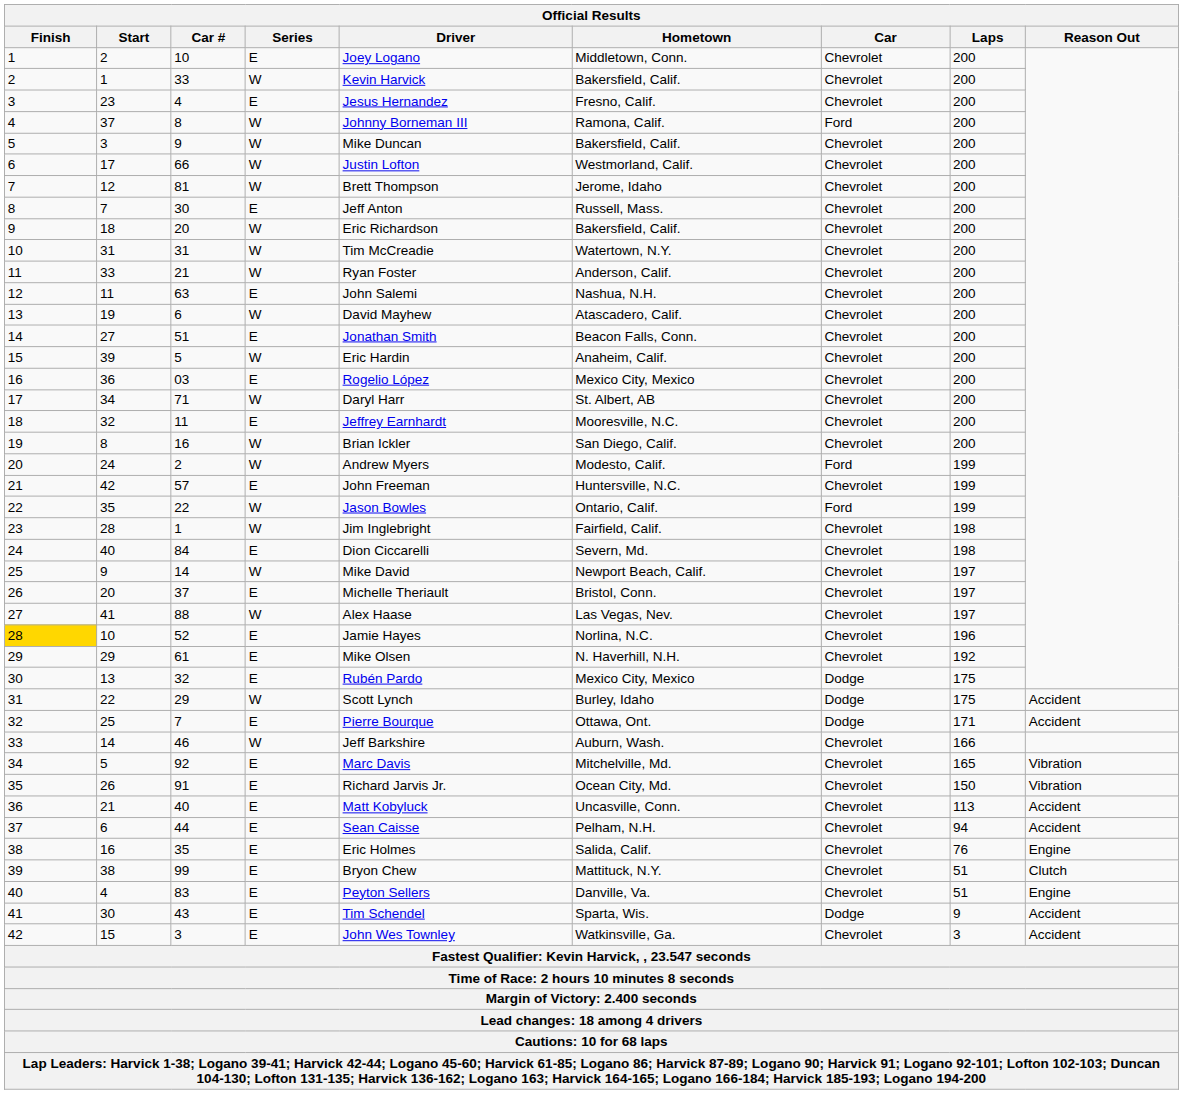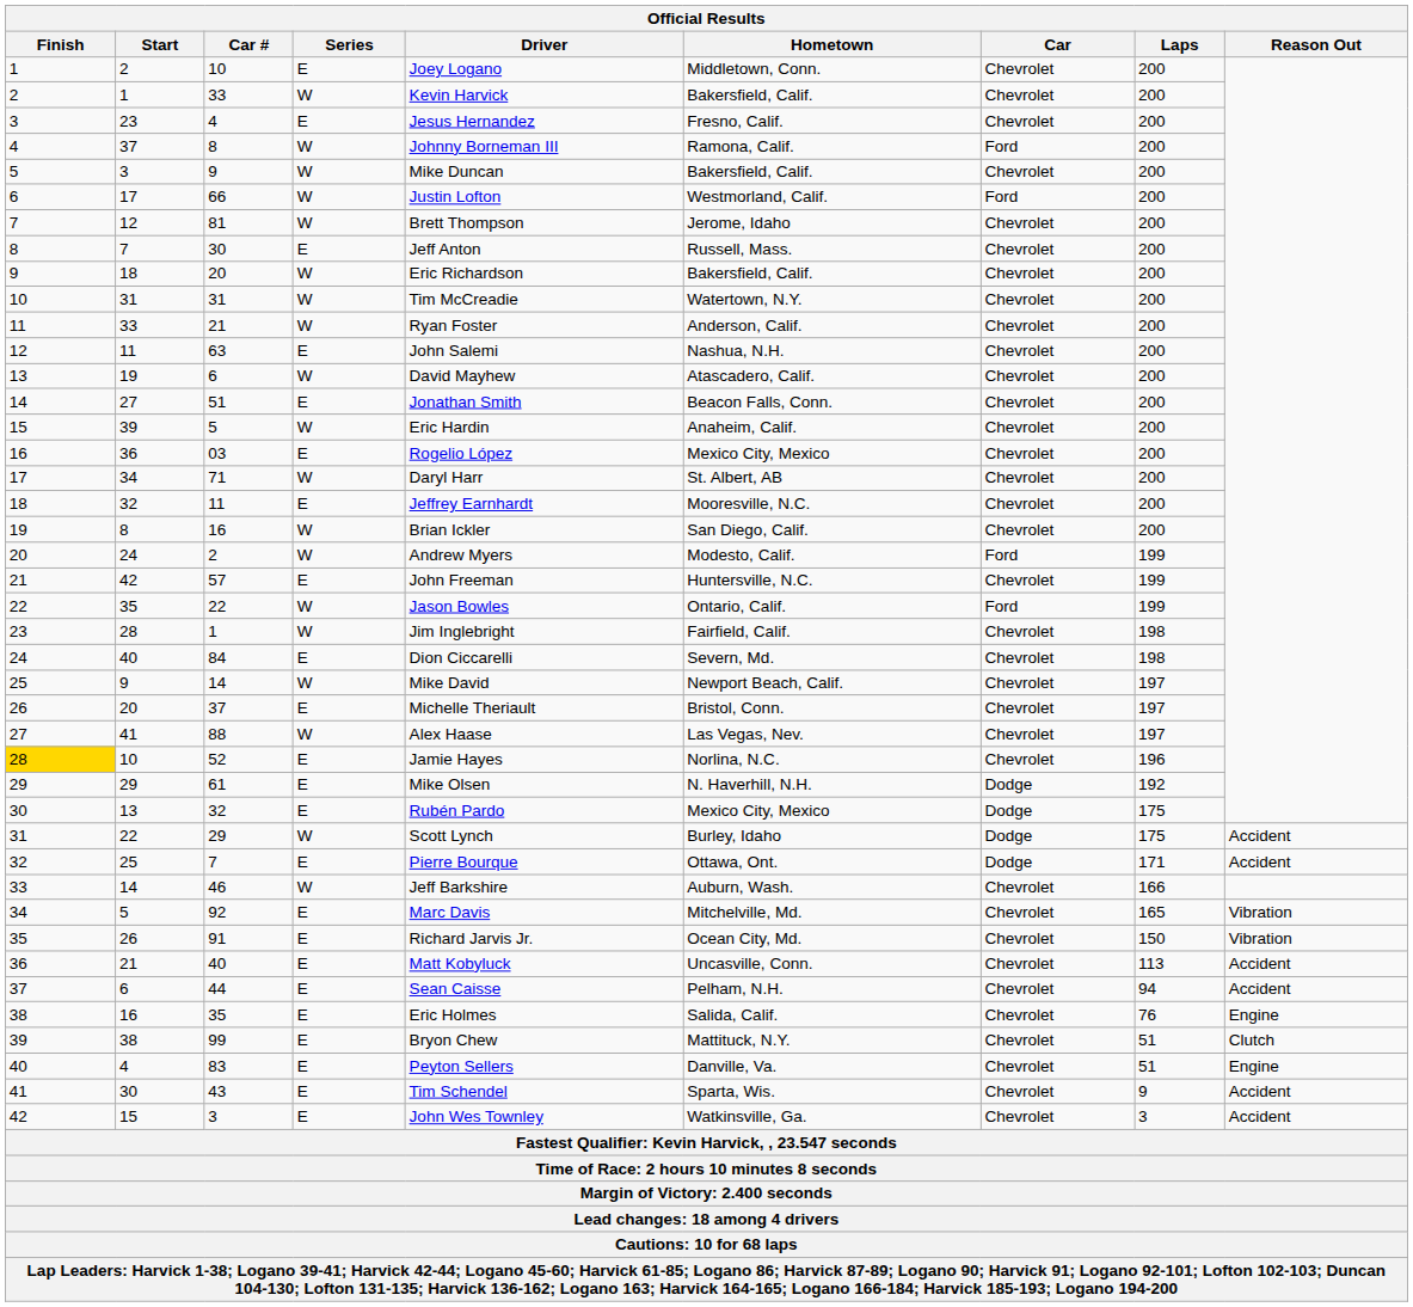 <table class="wikitable" style="font-size: 90%;">
 <tr>
 <th colspan=9>Official Results</th>
 </tr>
 <tr>
 <th>Finish</th>
 <th>Start</th>
 <th>Car #</th>
 <th>Series</th>
 <th>Driver</th>
 <th>Hometown</th>
 <th>Car</th>
 <th>Laps</th>
 <th>Reason Out</th>
 </tr>
 <tr>
 <td>1</td>
 <td>2</td>
 <td>10</td>
 <td>E</td>
 <td><a href='#'>Joey Logano</a></td>
 <td>Middletown, Conn.</td>
 <td>Chevrolet</td>
 <td>200</td>
 </tr>
 <tr>
 <td>2</td>
 <td>1</td>
 <td>33</td>
 <td>W</td>
 <td><a href='#'>Kevin Harvick</a></td>
 <td>Bakersfield, Calif.</td>
 <td>Chevrolet</td>
 <td>200</td>
 </tr>
 <tr>
 <td>3</td>
 <td>23</td>
 <td>4</td>
 <td>E</td>
 <td><a href='#'>Jesus Hernandez</a></td>
 <td>Fresno, Calif.</td>
 <td>Chevrolet</td>
 <td>200</td>
 </tr>
 <tr>
 <td>4</td>
 <td>37</td>
 <td>8</td>
 <td>W</td>
 <td><a href='#'>Johnny Borneman III</a></td>
 <td>Ramona, Calif.</td>
 <td>Ford</td>
 <td>200</td>
 </tr>
 <tr>
 <td>5</td>
 <td>3</td>
 <td>9</td>
 <td>W</td>
 <td>Mike Duncan</td>
 <td>Bakersfield, Calif.</td>
 <td>Chevrolet</td>
 <td>200</td>
 </tr>
 <tr>
 <td>6</td>
 <td>17</td>
 <td>66</td>
 <td>W</td>
 <td><a href='#'>Justin Lofton</a></td>
 <td>Westmorland, Calif.</td>
-<td>Chevrolet</td>
+<td>Ford</td>
 <td>200</td>
 </tr>
 <tr>
 <td>7</td>
 <td>12</td>
 <td>81</td>
 <td>W</td>
 <td>Brett Thompson</td>
 <td>Jerome, Idaho</td>
 <td>Chevrolet</td>
 <td>200</td>
 </tr>
 <tr>
 <td>8</td>
 <td>7</td>
 <td>30</td>
 <td>E</td>
 <td>Jeff Anton</td>
 <td>Russell, Mass.</td>
 <td>Chevrolet</td>
 <td>200</td>
 </tr>
 <tr>
 <td>9</td>
 <td>18</td>
 <td>20</td>
 <td>W</td>
 <td>Eric Richardson</td>
 <td>Bakersfield, Calif.</td>
 <td>Chevrolet</td>
 <td>200</td>
 </tr>
 <tr>
 <td>10</td>
 <td>31</td>
 <td>31</td>
 <td>W</td>
 <td>Tim McCreadie</td>
 <td>Watertown, N.Y.</td>
 <td>Chevrolet</td>
 <td>200</td>
 </tr>
 <tr>
 <td>11</td>
 <td>33</td>
 <td>21</td>
 <td>W</td>
 <td>Ryan Foster</td>
 <td>Anderson, Calif.</td>
 <td>Chevrolet</td>
 <td>200</td>
 </tr>
 <tr>
 <td>12</td>
 <td>11</td>
 <td>63</td>
 <td>E</td>
 <td>John Salemi</td>
 <td>Nashua, N.H.</td>
 <td>Chevrolet</td>
 <td>200</td>
 </tr>
 <tr>
 <td>13</td>
 <td>19</td>
 <td>6</td>
 <td>W</td>
 <td>David Mayhew</td>
 <td>Atascadero, Calif.</td>
 <td>Chevrolet</td>
 <td>200</td>
 </tr>
 <tr>
 <td>14</td>
 <td>27</td>
 <td>51</td>
 <td>E</td>
 <td><a href='#'>Jonathan Smith</a></td>
 <td>Beacon Falls, Conn.</td>
 <td>Chevrolet</td>
 <td>200</td>
 </tr>
 <tr>
 <td>15</td>
 <td>39</td>
 <td>5</td>
 <td>W</td>
 <td>Eric Hardin</td>
 <td>Anaheim, Calif.</td>
 <td>Chevrolet</td>
 <td>200</td>
 </tr>
 <tr>
 <td>16</td>
 <td>36</td>
 <td>03</td>
 <td>E</td>
 <td><a href='#'>Rogelio López</a></td>
 <td>Mexico City, Mexico</td>
 <td>Chevrolet</td>
 <td>200</td>
 </tr>
 <tr>
 <td>17</td>
 <td>34</td>
 <td>71</td>
 <td>W</td>
 <td>Daryl Harr</td>
 <td>St. Albert, AB</td>
 <td>Chevrolet</td>
 <td>200</td>
 </tr>
 <tr>
 <td>18</td>
 <td>32</td>
 <td>11</td>
 <td>E</td>
 <td><a href='#'>Jeffrey Earnhardt</a></td>
 <td>Mooresville, N.C.</td>
 <td>Chevrolet</td>
 <td>200</td>
 </tr>
 <tr>
 <td>19</td>
 <td>8</td>
 <td>16</td>
 <td>W</td>
 <td>Brian Ickler</td>
 <td>San Diego, Calif.</td>
 <td>Chevrolet</td>
 <td>200</td>
 </tr>
 <tr>
 <td>20</td>
 <td>24</td>
 <td>2</td>
 <td>W</td>
 <td>Andrew Myers</td>
 <td>Modesto, Calif.</td>
 <td>Ford</td>
 <td>199</td>
 </tr>
 <tr>
 <td>21</td>
 <td>42</td>
 <td>57</td>
 <td>E</td>
 <td>John Freeman</td>
 <td>Huntersville, N.C.</td>
 <td>Chevrolet</td>
 <td>199</td>
 </tr>
 <tr>
 <td>22</td>
 <td>35</td>
 <td>22</td>
 <td>W</td>
 <td><a href='#'>Jason Bowles</a></td>
 <td>Ontario, Calif.</td>
 <td>Ford</td>
 <td>199</td>
 </tr>
 <tr>
 <td>23</td>
 <td>28</td>
 <td>1</td>
 <td>W</td>
 <td>Jim Inglebright</td>
 <td>Fairfield, Calif.</td>
 <td>Chevrolet</td>
 <td>198</td>
 </tr>
 <tr>
 <td>24</td>
 <td>40</td>
 <td>84</td>
 <td>E</td>
 <td>Dion Ciccarelli</td>
 <td>Severn, Md.</td>
 <td>Chevrolet</td>
 <td>198</td>
 </tr>
 <tr>
 <td>25</td>
 <td>9</td>
 <td>14</td>
 <td>W</td>
 <td>Mike David</td>
 <td>Newport Beach, Calif.</td>
 <td>Chevrolet</td>
 <td>197</td>
 </tr>
 <tr>
 <td>26</td>
 <td>20</td>
 <td>37</td>
 <td>E</td>
 <td>Michelle Theriault</td>
 <td>Bristol, Conn.</td>
 <td>Chevrolet</td>
 <td>197</td>
 </tr>
 <tr>
 <td>27</td>
 <td>41</td>
 <td>88</td>
 <td>W</td>
 <td>Alex Haase</td>
 <td>Las Vegas, Nev.</td>
 <td>Chevrolet</td>
 <td>197</td>
 </tr>
 <tr>
 <td style="background: gold;">28</td>
 <td>10</td>
 <td>52</td>
 <td>E</td>
 <td>Jamie Hayes</td>
 <td>Norlina, N.C.</td>
 <td>Chevrolet</td>
 <td>196</td>
 </tr>
 <tr>
 <td>29</td>
 <td>29</td>
 <td>61</td>
 <td>E</td>
 <td>Mike Olsen</td>
 <td>N. Haverhill, N.H.</td>
-<td>Chevrolet</td>
+<td>Dodge</td>
 <td>192</td>
 </tr>
 <tr>
 <td>30</td>
 <td>13</td>
 <td>32</td>
 <td>E</td>
 <td><a href='#'>Rubén Pardo</a></td>
 <td>Mexico City, Mexico</td>
 <td>Dodge</td>
 <td>175</td>
 </tr>
 <tr>
 <td>31</td>
 <td>22</td>
 <td>29</td>
 <td>W</td>
 <td>Scott Lynch</td>
 <td>Burley, Idaho</td>
 <td>Dodge</td>
 <td>175</td>
 <td>Accident</td>
 </tr>
 <tr>
 <td>32</td>
 <td>25</td>
 <td>7</td>
 <td>E</td>
 <td><a href='#'>Pierre Bourque</a></td>
 <td>Ottawa, Ont.</td>
 <td>Dodge</td>
 <td>171</td>
 <td>Accident</td>
 </tr>
 <tr>
 <td>33</td>
 <td>14</td>
 <td>46</td>
 <td>W</td>
 <td>Jeff Barkshire</td>
 <td>Auburn, Wash.</td>
 <td>Chevrolet</td>
 <td>166</td>
 </tr>
 <tr>
 <td>34</td>
 <td>5</td>
 <td>92</td>
 <td>E</td>
 <td><a href='#'>Marc Davis</a></td>
 <td>Mitchelville, Md.</td>
 <td>Chevrolet</td>
 <td>165</td>
 <td>Vibration</td>
 </tr>
 <tr>
 <td>35</td>
 <td>26</td>
 <td>91</td>
 <td>E</td>
 <td>Richard Jarvis Jr.</td>
 <td>Ocean City, Md.</td>
 <td>Chevrolet</td>
 <td>150</td>
 <td>Vibration</td>
 </tr>
 <tr>
 <td>36</td>
 <td>21</td>
 <td>40</td>
 <td>E</td>
 <td><a href='#'>Matt Kobyluck</a></td>
 <td>Uncasville, Conn.</td>
 <td>Chevrolet</td>
 <td>113</td>
 <td>Accident</td>
 </tr>
 <tr>
 <td>37</td>
 <td>6</td>
 <td>44</td>
 <td>E</td>
 <td><a href='#'>Sean Caisse</a></td>
 <td>Pelham, N.H.</td>
 <td>Chevrolet</td>
 <td>94</td>
 <td>Accident</td>
 </tr>
 <tr>
 <td>38</td>
 <td>16</td>
 <td>35</td>
 <td>E</td>
 <td>Eric Holmes</td>
 <td>Salida, Calif.</td>
 <td>Chevrolet</td>
 <td>76</td>
 <td>Engine</td>
 </tr>
 <tr>
 <td>39</td>
 <td>38</td>
 <td>99</td>
 <td>E</td>
 <td>Bryon Chew</td>
 <td>Mattituck, N.Y.</td>
 <td>Chevrolet</td>
 <td>51</td>
 <td>Clutch</td>
 </tr>
 <tr>
 <td>40</td>
 <td>4</td>
 <td>83</td>
 <td>E</td>
 <td><a href='#'>Peyton Sellers</a></td>
 <td>Danville, Va.</td>
 <td>Chevrolet</td>
 <td>51</td>
 <td>Engine</td>
 </tr>
 <tr>
 <td>41</td>
 <td>30</td>
 <td>43</td>
 <td>E</td>
 <td><a href='#'>Tim Schendel</a></td>
 <td>Sparta, Wis.</td>
-<td>Dodge</td>
+<td>Chevrolet</td>
 <td>9</td>
 <td>Accident</td>
 </tr>
 <tr>
 <td>42</td>
 <td>15</td>
 <td>3</td>
 <td>E</td>
 <td><a href='#'>John Wes Townley</a></td>
 <td>Watkinsville, Ga.</td>
 <td>Chevrolet</td>
 <td>3</td>
 <td>Accident</td>
 </tr>
 <tr>
 <th colspan=9>Fastest Qualifier: Kevin Harvick, , 23.547 seconds</th>
 </tr>
 <tr>
 <th colspan=9>Time of Race: 2 hours 10 minutes 8 seconds</th>
 </tr>
 <tr>
 <th colspan=9>Margin of Victory: 2.400 seconds</th>
 </tr>
 <tr>
 <th colspan=9>Lead changes: 18 among 4  drivers</th>
 </tr>
 <tr>
 <th colspan=9>Cautions: 10 for 68 laps</th>
 </tr>
 <tr>
 <th colspan=9>Lap Leaders: Harvick 1-38; Logano 39-41; Harvick 42-44; Logano 45-60; Harvick 61-85; Logano 86; Harvick 87-89; Logano 90; Harvick 91; Logano 92-101; Lofton 102-103; Duncan 104-130; Lofton 131-135; Harvick 136-162; Logano 163; Harvick 164-165; Logano 166-184; Harvick 185-193; Logano 194-200</th>
 </tr>
 </table>
